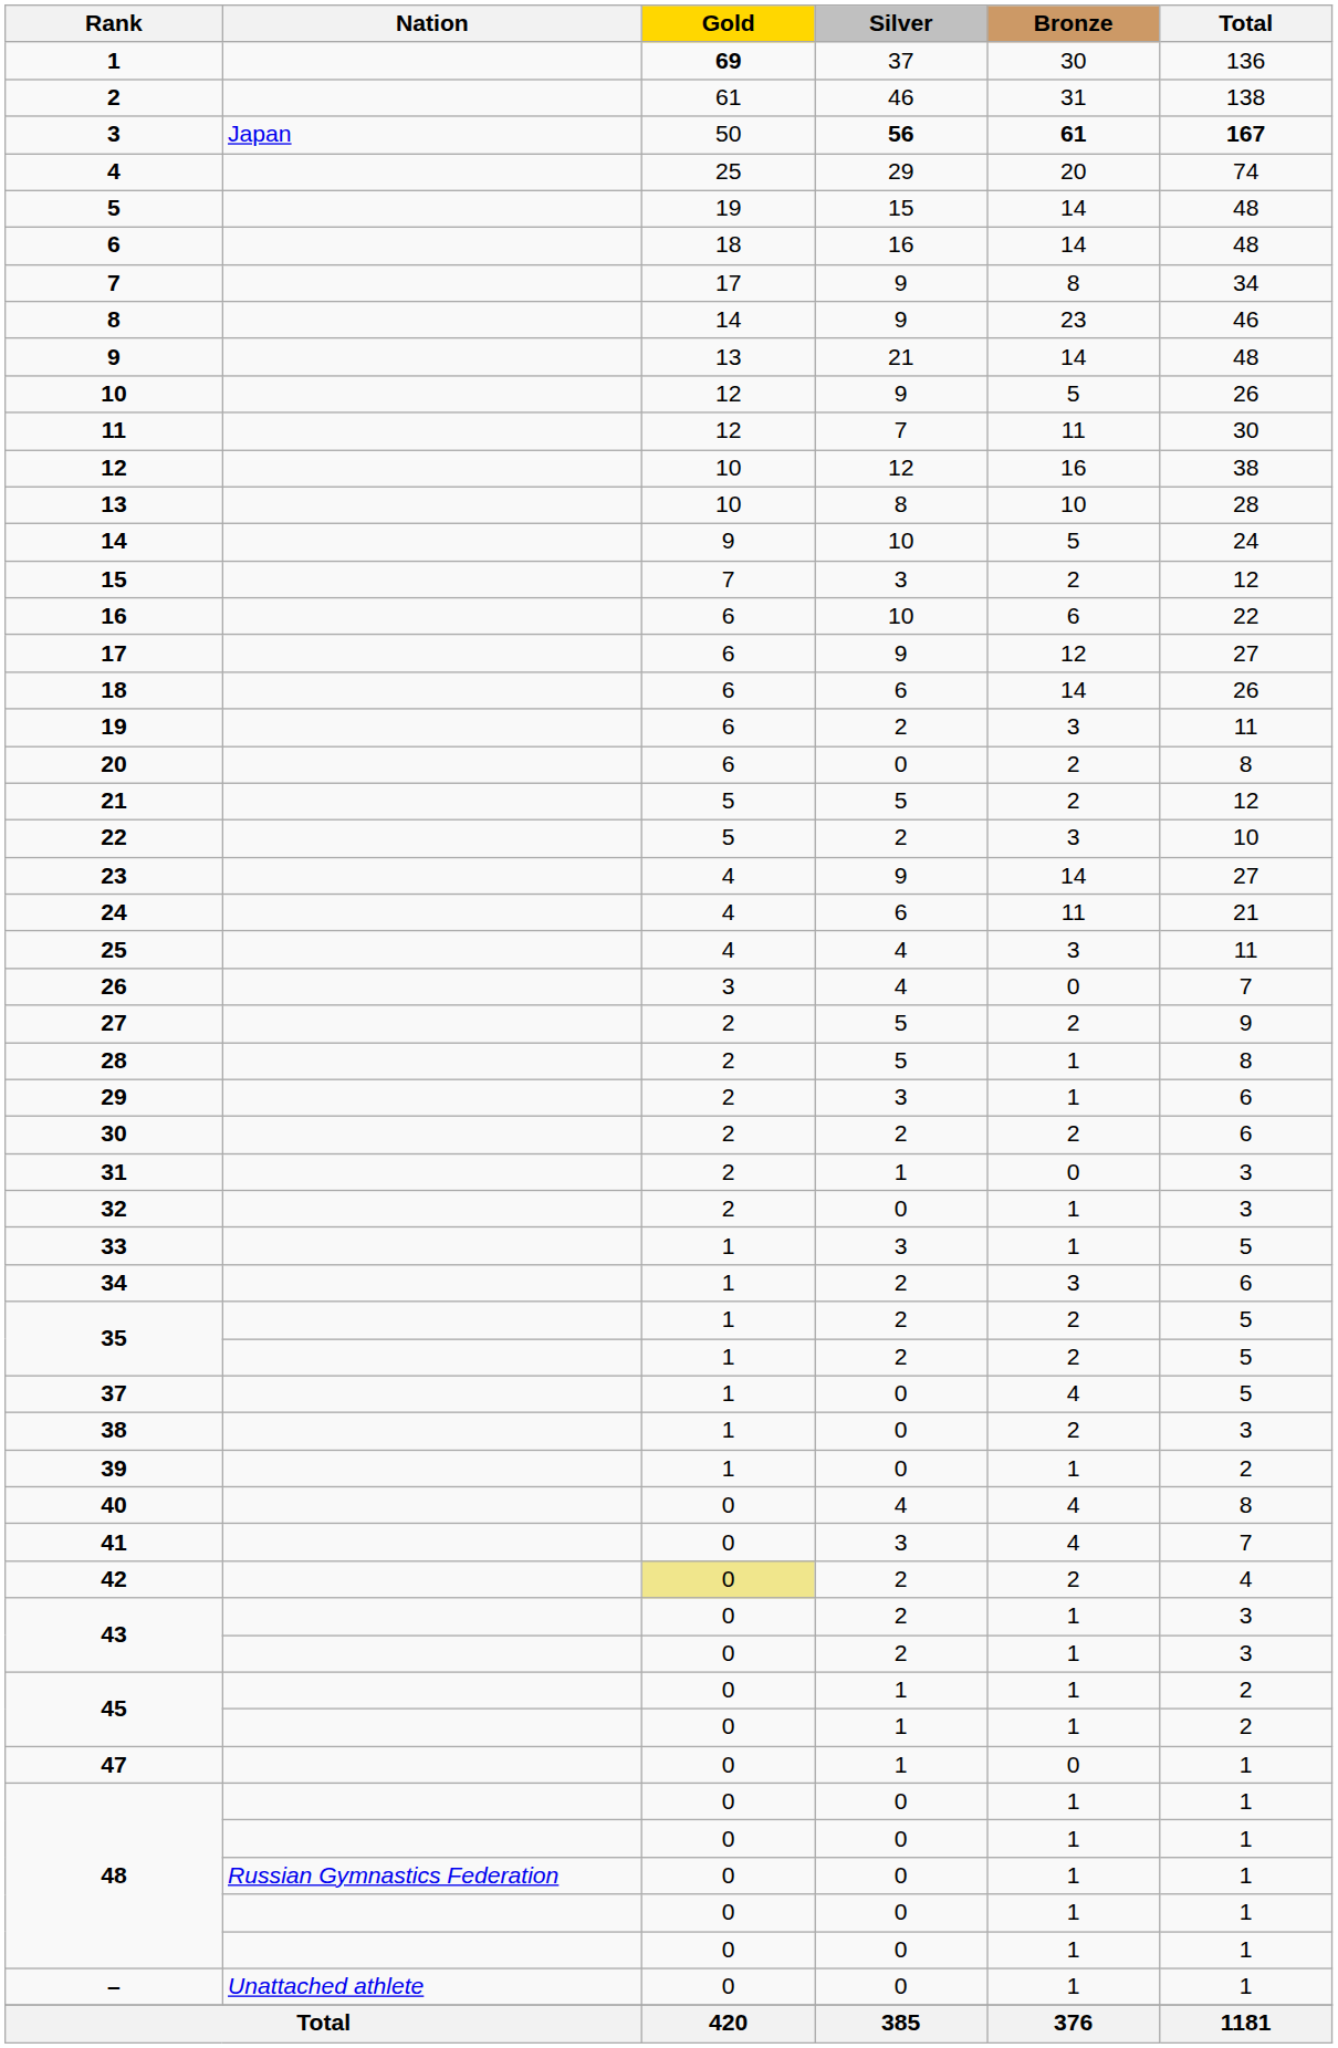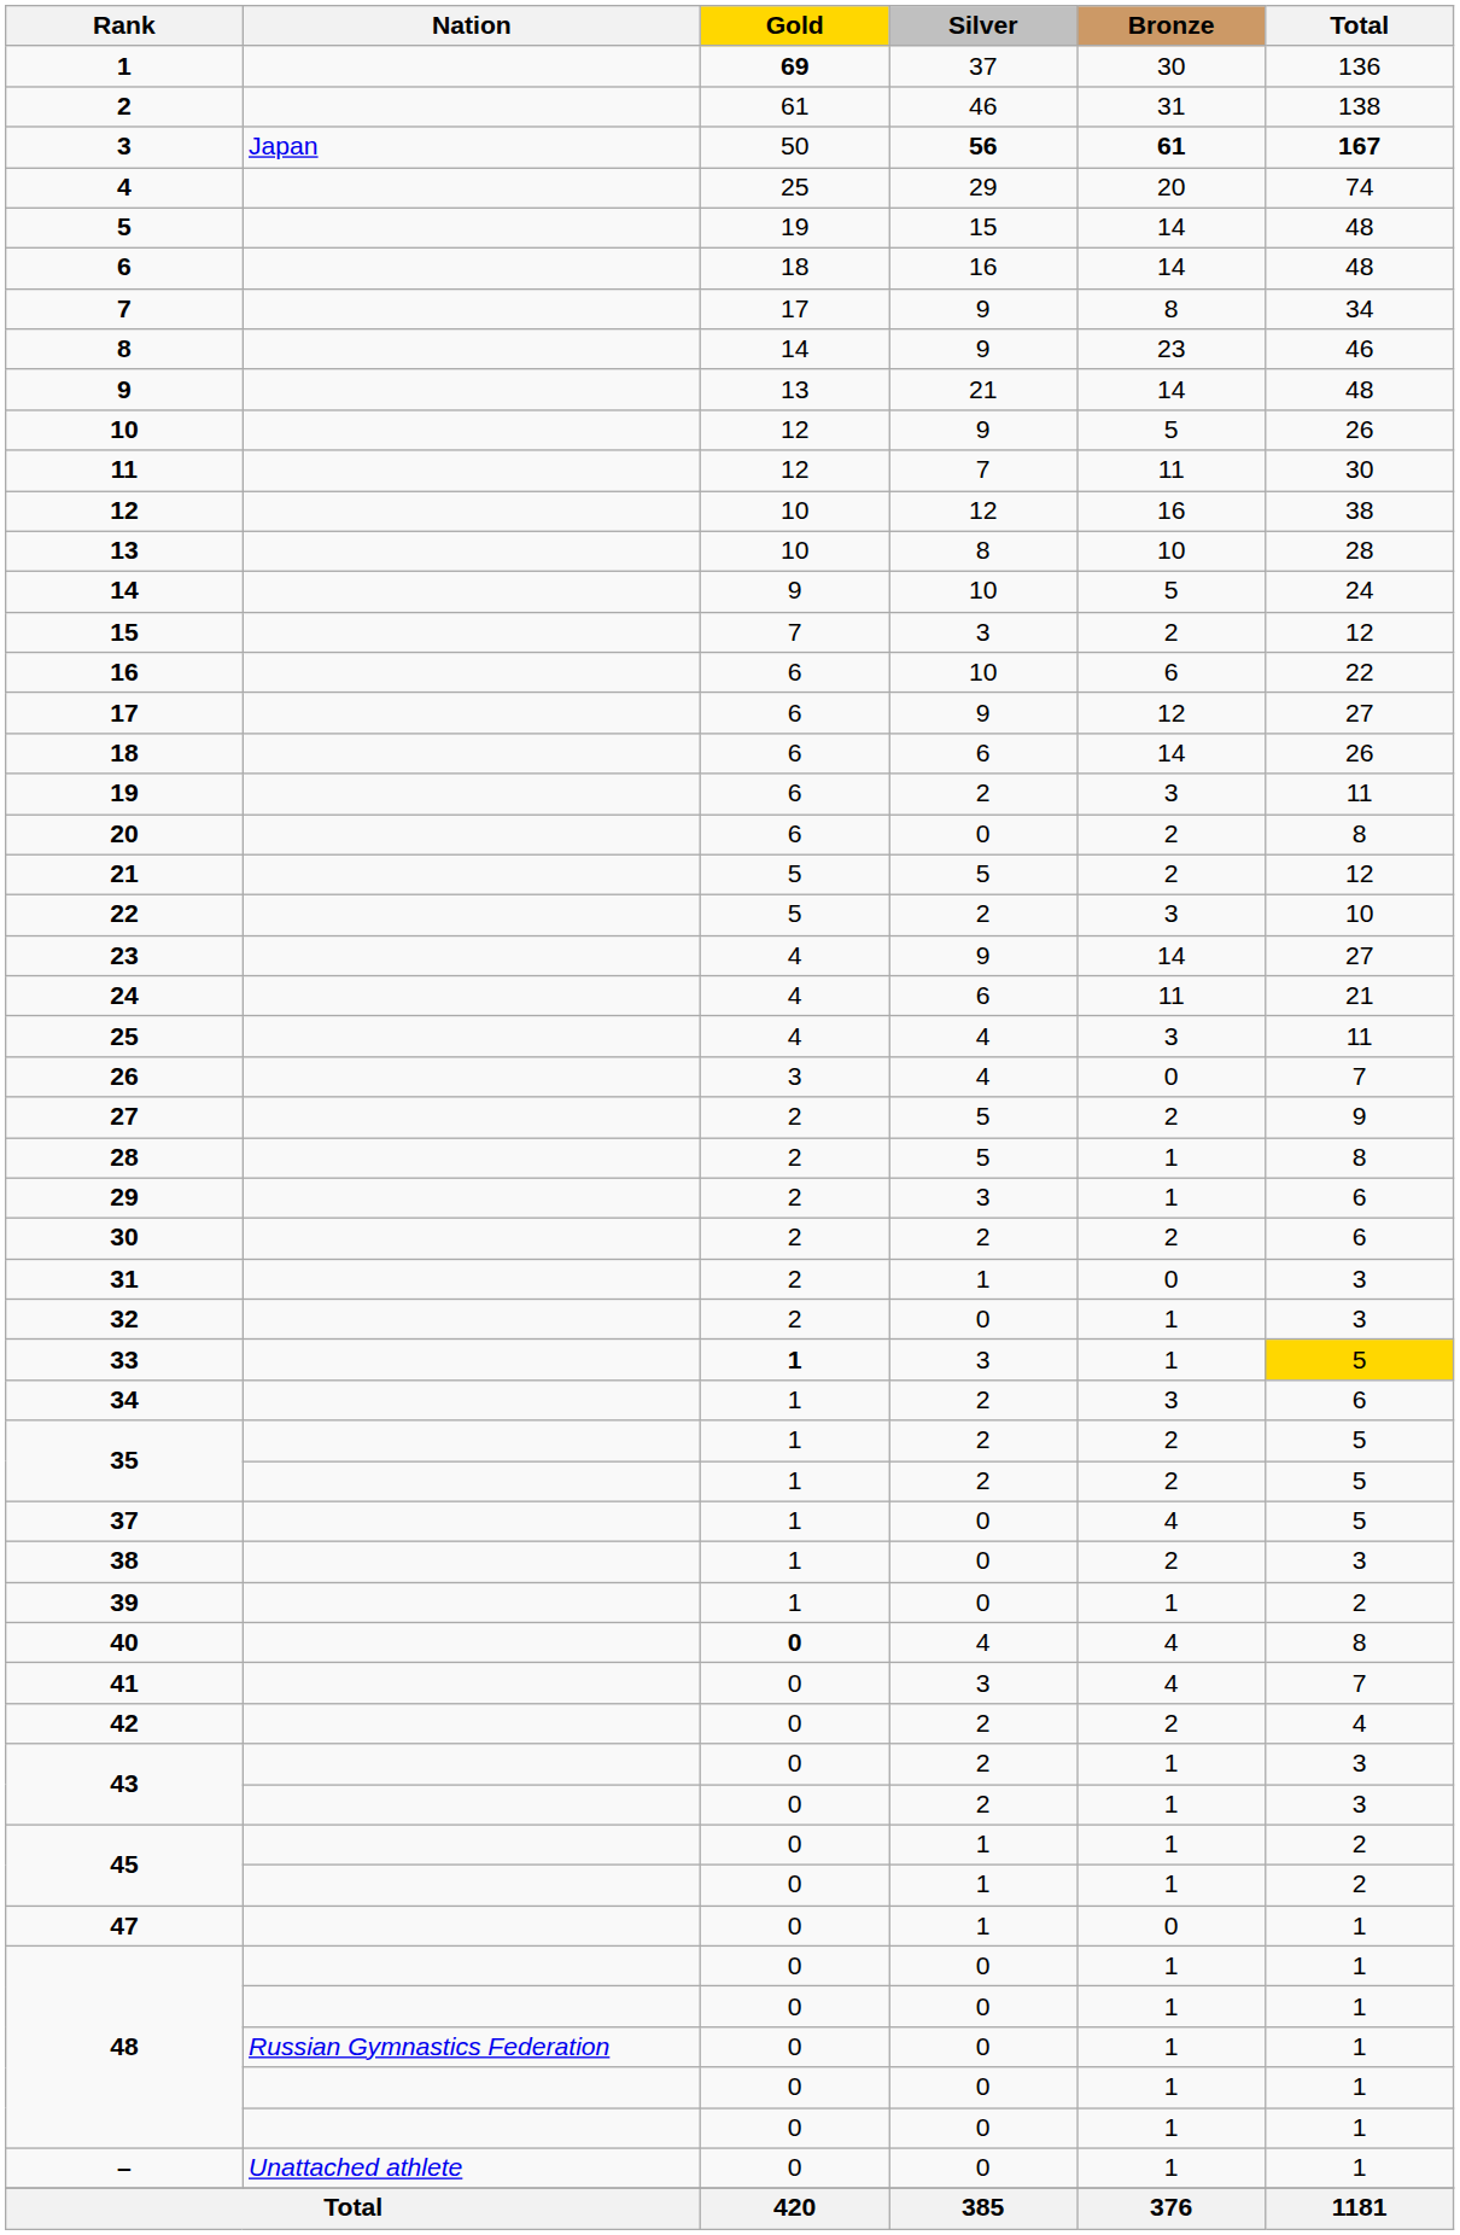 <table class="wikitable collapsible autocollapse plainrowheaders" width=72% style="text-align:center;">
 <tr style="background-color:#EDEDED;">
 <th width=100px class="hintergrundfarbe5">Rank</th>
 <th width=200px class="hintergrundfarbe6">Nation</th>
 <th style="background:    gold; width:13%">Gold</th>
 <th style="background:  silver; width:13%">Silver</th>
 <th style="background: #CC9966; width:13%">Bronze</th>
 <th class="hintergrundfarbe6" style="width:13%">Total</th>
 </tr>
 <tr>
 <td><strong>1</strong></td>
 <td style="text-align: left;"></td>
 <td><strong>69</strong></td>
 <td>37</td>
 <td>30</td>
 <td>136</td>
 </tr>
 <tr>
 <td><strong>2</strong></td>
 <td style="text-align: left;"><em></em></td>
 <td>61</td>
 <td>46</td>
 <td>31</td>
 <td>138</td>
 </tr>
 <tr>
 <td><strong>3</strong></td>
 <td style="text-align: left;"> <a href='#'>Japan</a></td>
 <td>50</td>
 <td><strong>56</strong></td>
 <td><strong>61</strong></td>
 <td><strong>167</strong></td>
 </tr>
 <tr>
 <td><strong>4</strong></td>
 <td style="text-align: left;"></td>
 <td>25</td>
 <td>29</td>
 <td>20</td>
 <td>74</td>
 </tr>
 <tr>
 <td><strong>5</strong></td>
 <td style="text-align: left;"></td>
 <td>19</td>
 <td>15</td>
 <td>14</td>
 <td>48</td>
 </tr>
 <tr>
 <td><strong>6</strong></td>
 <td style="text-align: left;"><em></em></td>
 <td>18</td>
 <td>16</td>
 <td>14</td>
 <td>48</td>
 </tr>
 <tr>
 <td><strong>7</strong></td>
 <td style="text-align: left;"><em></em></td>
 <td>17</td>
 <td>9</td>
 <td>8</td>
 <td>34</td>
 </tr>
 <tr>
 <td><strong>8</strong></td>
 <td style="text-align: left;"></td>
 <td>14</td>
 <td>9</td>
 <td>23</td>
 <td>46</td>
 </tr>
 <tr>
 <td><strong>9</strong></td>
 <td style="text-align: left;"></td>
 <td>13</td>
 <td>21</td>
 <td>14</td>
 <td>48</td>
 </tr>
 <tr>
 <td><strong>10</strong></td>
 <td style="text-align: left;"></td>
 <td>12</td>
 <td>9</td>
 <td>5</td>
 <td>26</td>
 </tr>
 <tr>
 <td><strong>11</strong></td>
 <td style="text-align: left;"></td>
 <td>12</td>
 <td>7</td>
 <td>11</td>
 <td>30</td>
 </tr>
 <tr>
 <td><strong>12</strong></td>
 <td style="text-align: left;"></td>
 <td>10</td>
 <td>12</td>
 <td>16</td>
 <td>38</td>
 </tr>
 <tr>
 <td><strong>13</strong></td>
 <td style="text-align: left;"><em></em> </td>
 <td>10</td>
 <td>8</td>
 <td>10</td>
 <td>28</td>
 </tr>
 <tr>
 <td><strong>14</strong></td>
 <td style="text-align: left;"></td>
 <td>9</td>
 <td>10</td>
 <td>5</td>
 <td>24</td>
 </tr>
 <tr>
 <td><strong>15</strong></td>
 <td style="text-align: left;"></td>
 <td>7</td>
 <td>3</td>
 <td>2</td>
 <td>12</td>
 </tr>
 <tr>
 <td><strong>16</strong></td>
 <td style="text-align: left;"></td>
 <td>6</td>
 <td>10</td>
 <td>6</td>
 <td>22</td>
 </tr>
 <tr>
 <td><strong>17</strong></td>
 <td style="text-align: left;"></td>
 <td>6</td>
 <td>9</td>
 <td>12</td>
 <td>27</td>
 </tr>
 <tr>
 <td><strong>18</strong></td>
 <td style="text-align: left;"><em></em></td>
 <td>6</td>
 <td>6</td>
 <td>14</td>
 <td>26</td>
 </tr>
 <tr>
 <td><strong>19</strong></td>
 <td style="text-align: left;"></td>
 <td>6</td>
 <td>2</td>
 <td>3</td>
 <td>11</td>
 </tr>
 <tr>
 <td><strong>20</strong></td>
 <td style="text-align: left;"></td>
 <td>6</td>
 <td>0</td>
 <td>2</td>
 <td>8</td>
 </tr>
 <tr>
 <td><strong>21</strong></td>
 <td style="text-align: left;"></td>
 <td>5</td>
 <td>5</td>
 <td>2</td>
 <td>12</td>
 </tr>
 <tr>
 <td><strong>22</strong></td>
 <td style="text-align: left;"><em></em> </td>
 <td>5</td>
 <td>2</td>
 <td>3</td>
 <td>10</td>
 </tr>
 <tr>
 <td><strong>23</strong></td>
 <td style="text-align: left;"></td>
 <td>4</td>
 <td>9</td>
 <td>14</td>
 <td>27</td>
 </tr>
 <tr>
 <td><strong>24</strong></td>
 <td style="text-align: left;"></td>
 <td>4</td>
 <td>6</td>
 <td>11</td>
 <td>21</td>
 </tr>
 <tr>
 <td><strong>25</strong></td>
 <td style="text-align: left;"></td>
 <td>4</td>
 <td>4</td>
 <td>3</td>
 <td>11</td>
 </tr>
 <tr>
 <td><strong>26</strong></td>
 <td style="text-align: left;"></td>
 <td>3</td>
 <td>4</td>
 <td>0</td>
 <td>7</td>
 </tr>
 <tr>
 <td><strong>27</strong></td>
 <td style="text-align: left;"></td>
 <td>2</td>
 <td>5</td>
 <td>2</td>
 <td>9</td>
 </tr>
 <tr>
 <td><strong>28</strong></td>
 <td style="text-align: left;"><em></em></td>
 <td>2</td>
 <td>5</td>
 <td>1</td>
 <td>8</td>
 </tr>
 <tr>
 <td><strong>29</strong></td>
 <td style="text-align: left;"></td>
 <td>2</td>
 <td>3</td>
 <td>1</td>
 <td>6</td>
 </tr>
 <tr>
 <td><strong>30</strong></td>
 <td style="text-align: left;"></td>
 <td>2</td>
 <td>2</td>
 <td>2</td>
 <td>6</td>
 </tr>
 <tr>
 <td><strong>31</strong></td>
 <td style="text-align: left;"></td>
 <td>2</td>
 <td>1</td>
 <td>0</td>
 <td>3</td>
 </tr>
 <tr>
 <td><strong>32</strong></td>
 <td style="text-align: left;"></td>
 <td>2</td>
 <td>0</td>
 <td>1</td>
 <td>3</td>
 </tr>
 <tr>
 <td><strong>33</strong></td>
 <td style="text-align: left;"></td>
-<td>1</td>
+<td><strong>1</strong></td>
 <td>3</td>
 <td>1</td>
-<td>5</td>
+<td style="background: gold;">5</td>
 </tr>
 <tr>
 <td><strong>34</strong></td>
 <td style="text-align: left;"></td>
 <td>1</td>
 <td>2</td>
 <td>3</td>
 <td>6</td>
 </tr>
 <tr>
 <td rowspan=2><strong>35</strong></td>
 <td style="text-align: left;"></td>
 <td>1</td>
 <td>2</td>
 <td>2</td>
 <td>5</td>
 </tr>
 <tr>
 <td style="text-align: left;"></td>
 <td>1</td>
 <td>2</td>
 <td>2</td>
 <td>5</td>
 </tr>
 <tr>
 <td><strong>37</strong></td>
 <td style="text-align: left;"></td>
 <td>1</td>
 <td>0</td>
 <td>4</td>
 <td>5</td>
 </tr>
 <tr>
 <td><strong>38</strong></td>
 <td style="text-align: left;"></td>
 <td>1</td>
 <td>0</td>
 <td>2</td>
 <td>3</td>
 </tr>
 <tr>
 <td><strong>39</strong></td>
 <td style="text-align: left;"></td>
 <td>1</td>
 <td>0</td>
 <td>1</td>
 <td>2</td>
 </tr>
 <tr>
 <td><strong>40</strong></td>
 <td style="text-align: left;"></td>
-<td>0</td>
+<td><strong>0</strong></td>
 <td>4</td>
 <td>4</td>
 <td>8</td>
 </tr>
 <tr>
 <td><strong>41</strong></td>
 <td style="text-align: left;"></td>
 <td>0</td>
 <td>3</td>
 <td>4</td>
 <td>7</td>
 </tr>
 <tr>
 <td><strong>42</strong></td>
 <td style="text-align: left;"></td>
-<td style="background: khaki;">0</td>
+<td>0</td>
 <td>2</td>
 <td>2</td>
 <td>4</td>
 </tr>
 <tr>
 <td rowspan=2><strong>43</strong></td>
 <td style="text-align: left;"></td>
 <td>0</td>
 <td>2</td>
 <td>1</td>
 <td>3</td>
 </tr>
 <tr>
 <td style="text-align: left;"></td>
 <td>0</td>
 <td>2</td>
 <td>1</td>
 <td>3</td>
 </tr>
 <tr>
 <td rowspan=2><strong>45</strong></td>
 <td style="text-align: left;"><em></em> </td>
 <td>0</td>
 <td>1</td>
 <td>1</td>
 <td>2</td>
 </tr>
 <tr>
 <td style="text-align: left;"></td>
 <td>0</td>
 <td>1</td>
 <td>1</td>
 <td>2</td>
 </tr>
 <tr>
 <td><strong>47</strong></td>
 <td style="text-align: left;"></td>
 <td>0</td>
 <td>1</td>
 <td>0</td>
 <td>1</td>
 </tr>
 <tr>
 <td rowspan=5><strong>48</strong></td>
 <td style="text-align: left;"></td>
 <td>0</td>
 <td>0</td>
 <td>1</td>
 <td>1</td>
 </tr>
 <tr>
 <td style="text-align: left;"></td>
 <td>0</td>
 <td>0</td>
 <td>1</td>
 <td>1</td>
 </tr>
 <tr>
 <td style="text-align: left;"><em><a href='#'>Russian Gymnastics Federation</a></em> </td>
 <td>0</td>
 <td>0</td>
 <td>1</td>
 <td>1</td>
 </tr>
 <tr>
 <td style="text-align: left;"></td>
 <td>0</td>
 <td>0</td>
 <td>1</td>
 <td>1</td>
 </tr>
 <tr>
 <td style="text-align: left;"></td>
 <td>0</td>
 <td>0</td>
 <td>1</td>
 <td>1</td>
 </tr>
 <tr>
 <td><strong>–</strong></td>
 <td style="text-align: left;"><em><a href='#'>Unattached athlete</a></em> </td>
 <td>0</td>
 <td>0</td>
 <td>1</td>
 <td>1</td>
 </tr>
 <tr>
 </tr>
 <tr class="sortbottom">
 <th colspan=2>Total</th>
 <th>420</th>
 <th>385</th>
 <th>376</th>
 <th>1181</th>
 </tr>
 </table>
